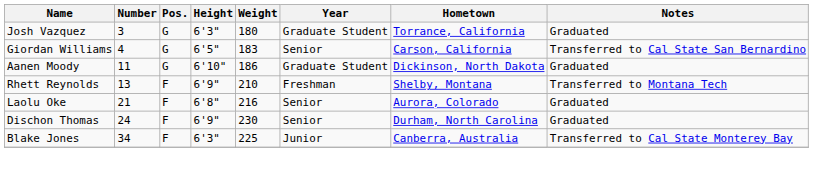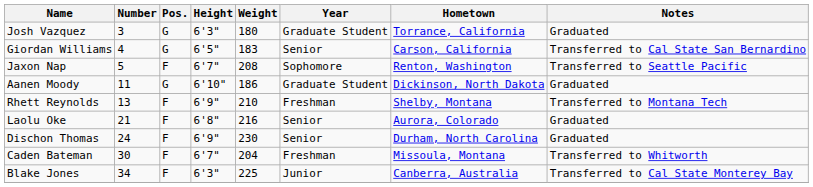 <table class="wikitable sortable" border="1">
 <tr align=center>
 <th style="background:#">Name</th>
 <th style="background:#">Number</th>
 <th style="background:#">Pos.</th>
 <th style="background:#">Height</th>
 <th style="background:#">Weight</th>
 <th style="background:#">Year</th>
 <th style="background:#">Hometown</th>
 <th style="background:#">Notes</th>
 </tr>
 <tr>
 <td>Josh Vazquez</td>
 <td>3</td>
 <td>G</td>
 <td>6'3"</td>
 <td>180</td>
 <td>Graduate Student</td>
 <td><a href='#'>Torrance, California</a></td>
 <td>Graduated</td>
 </tr>
 <tr>
 <td>Giordan Williams</td>
 <td>4</td>
 <td>G</td>
 <td>6'5"</td>
 <td>183</td>
 <td> Senior</td>
 <td><a href='#'>Carson, California</a></td>
 <td>Transferred to <a href='#'>Cal State San Bernardino</a></td>
+</tr>
+<tr>
+<td>Jaxon Nap</td>
+<td>5</td>
+<td>F</td>
+<td>6'7"</td>
+<td>208</td>
+<td>Sophomore</td>
+<td><a href='#'>Renton, Washington</a></td>
+<td>Transferred to <a href='#'>Seattle Pacific</a></td>
 </tr>
 <tr>
 <td>Aanen Moody</td>
 <td>11</td>
 <td>G</td>
 <td>6'10"</td>
 <td>186</td>
 <td>Graduate Student</td>
 <td><a href='#'>Dickinson, North Dakota</a></td>
 <td>Graduated</td>
 </tr>
 <tr>
 <td>Rhett Reynolds</td>
 <td>13</td>
 <td>F</td>
 <td>6'9"</td>
 <td>210</td>
 <td> Freshman</td>
 <td><a href='#'>Shelby, Montana</a></td>
 <td>Transferred to <a href='#'>Montana Tech</a></td>
 </tr>
 <tr>
 <td>Laolu Oke</td>
 <td>21</td>
 <td>F</td>
 <td>6'8"</td>
 <td>216</td>
 <td> Senior</td>
 <td><a href='#'>Aurora, Colorado</a></td>
 <td>Graduated</td>
 </tr>
 <tr>
 <td>Dischon Thomas</td>
 <td>24</td>
 <td>F</td>
 <td>6'9"</td>
 <td>230</td>
 <td> Senior</td>
 <td><a href='#'>Durham, North Carolina</a></td>
 <td>Graduated</td>
 </tr>
 <tr>
+<td>Caden Bateman</td>
+<td>30</td>
+<td>F</td>
+<td>6'7"</td>
+<td>204</td>
+<td> Freshman</td>
+<td><a href='#'>Missoula, Montana</a></td>
+<td>Transferred to <a href='#'> Whitworth</a></td>
+</tr>
+<tr>
 <td>Blake Jones</td>
 <td>34</td>
 <td>F</td>
 <td>6'3"</td>
 <td>225</td>
 <td>Junior</td>
 <td><a href='#'>Canberra, Australia</a></td>
 <td>Transferred to <a href='#'>Cal State Monterey Bay</a></td>
 </tr>
 <tr>
 </tr>
 </table>
